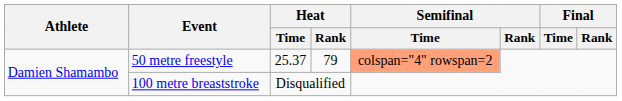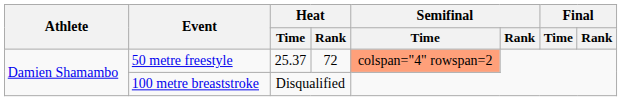 <table class="wikitable" style="text-align:center; font-size:90%; width:50%;">
 <tr>
 <th rowspan="2">Athlete</th>
 <th rowspan="2">Event</th>
 <th colspan="2">Heat</th>
 <th colspan="2">Semifinal</th>
 <th colspan="2">Final</th>
 </tr>
 <tr style="font-size:95%">
 <th>Time</th>
 <th>Rank</th>
 <th>Time</th>
 <th>Rank</th>
 <th>Time</th>
 <th>Rank</th>
 </tr>
 <tr align=center>
 <td align=left rowspan="2"><a href='#'>Damien Shamambo</a></td>
 <td align=left><a href='#'>50 metre freestyle</a></td>
 <td>25.37</td>
-<td>79</td>
+<td>72</td>
 <td style="background: lightsalmon;">colspan="4" rowspan=2 </td>
 </tr>
 <tr align=center>
 <td align=left><a href='#'>100 metre breaststroke</a></td>
 <td colspan=2>Disqualified</td>
 </tr>
 </table>
